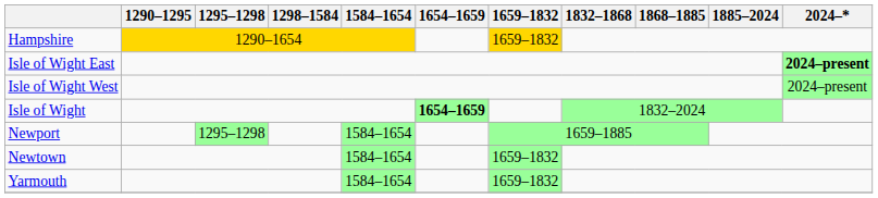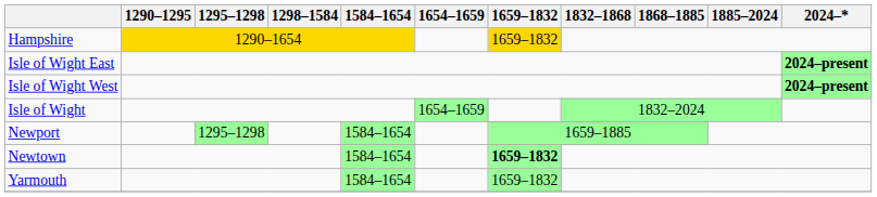 <table class="wikitable">
 <tr>
 <th> </th>
 <th>1290–1295</th>
 <th>1295–1298</th>
 <th>1298–1584</th>
 <th>1584–1654</th>
 <th>1654–1659</th>
 <th>1659–1832</th>
 <th>1832–1868</th>
 <th>1868–1885</th>
 <th>1885–2024</th>
 <th>2024–*</th>
 </tr>
 <tr>
 <td><a href='#'>Hampshire</a></td>
 <td colspan="4" align="center" bgcolor="#ffd700">1290–1654</td>
 <td colspan="1"> </td>
 <td colspan="1" align="center" bgcolor="#ffd700">1659–1832</td>
 <td colspan="4"> </td>
 </tr>
 <tr>
 <td><a href='#'>Isle of Wight East</a></td>
 <td colspan="9"> </td>
 <td colspan="1" align="center" bgcolor="#99FF99"><strong>2024–present</strong></td>
 </tr>
 <tr>
 <td><a href='#'>Isle of Wight West</a></td>
 <td colspan="9"> </td>
-<td colspan="1" align="center" bgcolor="#99FF99">2024–present</td>
+<td colspan="1" align="center" bgcolor="#99FF99"><strong>2024–present</strong></td>
 </tr>
 <tr>
 <td><a href='#'>Isle of Wight</a></td>
 <td colspan="4"> </td>
-<td colspan="1" align="center" bgcolor="#99FF99"><strong>1654–1659</strong></td>
+<td colspan="1" align="center" bgcolor="#99FF99">1654–1659</td>
 <td colspan="1"> </td>
 <td colspan="3" align="center" bgcolor="#99FF99">1832–2024</td>
 <td></td>
 </tr>
 <tr>
 <td><a href='#'>Newport</a></td>
 <td colspan="1"> </td>
 <td colspan="1" align="center" bgcolor="#99FF99">1295–1298</td>
 <td colspan="1"> </td>
 <td colspan="1" align="center" bgcolor="#99FF99">1584–1654</td>
 <td colspan="1"> </td>
 <td colspan="3" align="center" bgcolor="#99FF99">1659–1885</td>
 <td colspan="2"> </td>
 </tr>
 <tr>
 <td><a href='#'>Newtown</a></td>
 <td colspan="3"> </td>
 <td colspan="1" align="center" bgcolor="#99FF99">1584–1654</td>
 <td colspan="1"> </td>
-<td colspan="1" align="center" bgcolor="#99FF99">1659–1832</td>
+<td colspan="1" align="center" bgcolor="#99FF99"><strong>1659–1832</strong></td>
 <td colspan="4"> </td>
 </tr>
 <tr>
 <td><a href='#'>Yarmouth</a></td>
 <td colspan="3"> </td>
 <td colspan="1" align="center" bgcolor="#99FF99">1584–1654</td>
 <td colspan="1"> </td>
 <td colspan="1" align="center" bgcolor="#99FF99">1659–1832</td>
 <td colspan="4"> </td>
 </tr>
 <tr>
 </tr>
 </table>
